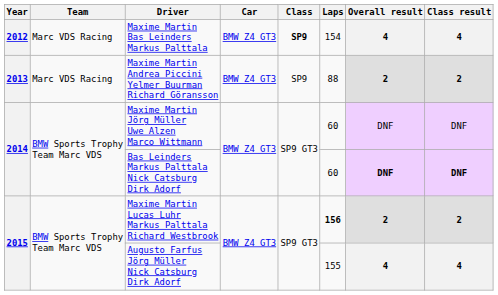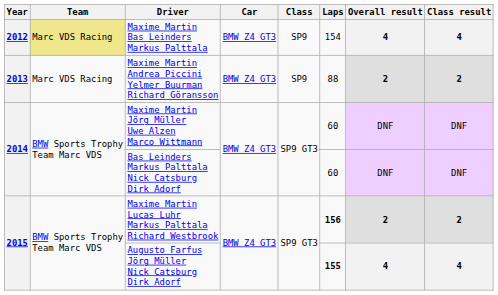 <table class="wikitable" style="font-size:90%">
 <tr>
 <th>Year</th>
 <th>Team</th>
 <th>Driver</th>
 <th>Car</th>
 <th>Class</th>
 <th>Laps</th>
 <th>Overall result</th>
 <th>Class result</th>
 </tr>
 <tr align="center">
 <th><a href='#'>2012</a></th>
-<td align="left"> Marc VDS Racing</td>
+<td align="left" style="background: khaki;"> Marc VDS Racing</td>
 <td align="left"> <a href='#'>Maxime Martin</a><br> <a href='#'>Bas Leinders</a><br> <a href='#'>Markus Palttala</a></td>
 <td align="left"><a href='#'>BMW Z4 GT3</a></td>
-<td><strong>SP9</strong></td>
+<td>SP9</td>
 <td>154</td>
 <th>4</th>
 <th>4</th>
 </tr>
 <tr align="center">
 <th><a href='#'>2013</a></th>
 <td align="left"> Marc VDS Racing</td>
 <td align="left"> <a href='#'>Maxime Martin</a><br> <a href='#'>Andrea Piccini</a><br> <a href='#'>Yelmer Buurman</a><br> <a href='#'>Richard Göransson</a></td>
 <td align="left"><a href='#'>BMW Z4 GT3</a></td>
 <td>SP9</td>
 <td>88</td>
 <td style="background:#dfdfdf;"><strong>2</strong></td>
 <td style="background:#dfdfdf;"><strong>2</strong></td>
 </tr>
 <tr align="center">
 <th rowspan="2"><a href='#'>2014</a></th>
 <td rowspan="2" align="left"> <a href='#'>BMW</a> Sports Trophy<br>Team Marc VDS</td>
 <td align="left"> <a href='#'>Maxime Martin</a><br> <a href='#'>Jörg Müller</a><br> <a href='#'>Uwe Alzen</a><br> <a href='#'>Marco Wittmann</a></td>
 <td rowspan="2" align="left"><a href='#'>BMW Z4 GT3</a></td>
 <td rowspan="2">SP9 GT3</td>
 <td>60</td>
 <td bgcolor="#efcfff">DNF</td>
 <td bgcolor="#efcfff">DNF</td>
 </tr>
 <tr align="center">
 <td align="left"> <a href='#'>Bas Leinders</a><br> <a href='#'>Markus Palttala</a><br> <a href='#'>Nick Catsburg</a><br> <a href='#'>Dirk Adorf</a></td>
 <td>60</td>
-<td bgcolor="#efcfff"><strong>DNF</strong></td>
-<td bgcolor="#efcfff"><strong>DNF</strong></td>
+<td bgcolor="#efcfff">DNF</td>
+<td bgcolor="#efcfff">DNF</td>
 </tr>
 <tr align="center">
 <th rowspan="2"><a href='#'>2015</a></th>
 <td rowspan="2" align="left"> <a href='#'>BMW</a> Sports Trophy<br>Team Marc VDS</td>
 <td align="left"> <a href='#'>Maxime Martin</a><br> <a href='#'>Lucas Luhr</a><br> <a href='#'>Markus Palttala</a><br> <a href='#'>Richard Westbrook</a></td>
 <td rowspan="2" align="left"><a href='#'>BMW Z4 GT3</a></td>
 <td rowspan="2">SP9 GT3</td>
 <td><strong>156</strong></td>
 <td style="background:#dfdfdf;"><strong>2</strong></td>
 <td style="background:#dfdfdf;"><strong>2</strong></td>
 </tr>
 <tr align="center">
 <td align="left"> <a href='#'>Augusto Farfus</a><br> <a href='#'>Jörg Müller</a><br> <a href='#'>Nick Catsburg</a><br> <a href='#'>Dirk Adorf</a></td>
-<td>155</td>
+<td><strong>155</strong></td>
 <th>4</th>
 <th>4</th>
 </tr>
 </table>
